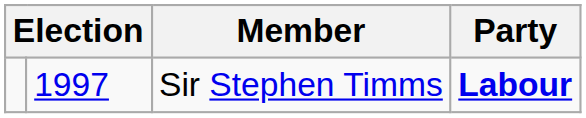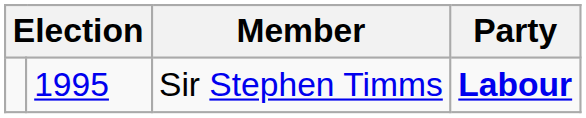 <table class="wikitable">
 <tr>
 <th colspan="2">Election</th>
 <th>Member</th>
 <th>Party</th>
 </tr>
 <tr>
 <td style="color:inherit;background-color: "></td>
-<td><a href='#'>1997</a></td>
+<td><a href='#'>1995</a></td>
 <td>Sir <a href='#'>Stephen Timms</a></td>
 <td><strong><a href='#'>Labour</a></strong></td>
 </tr>
 </table>
